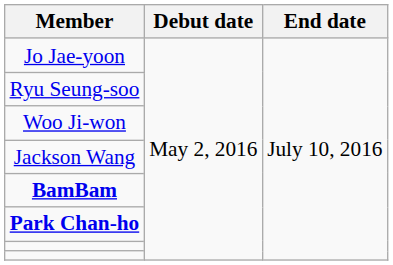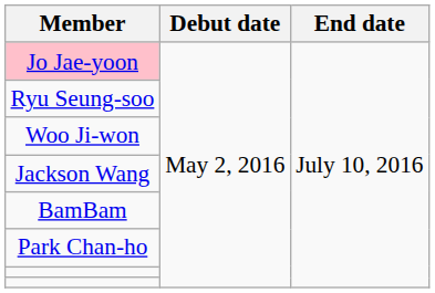 <table class="wikitable" style="text-align:center;">
 <tr>
 <th>Member</th>
 <th>Debut date</th>
 <th>End date</th>
 </tr>
 <tr>
-<td><a href='#'>Jo Jae-yoon</a></td>
+<td style="background: pink;"><a href='#'>Jo Jae-yoon</a></td>
 <td rowspan=8>May 2, 2016</td>
 <td rowspan=8>July 10, 2016</td>
 </tr>
 <tr>
 <td><a href='#'>Ryu Seung-soo</a></td>
 </tr>
 <tr>
 <td><a href='#'>Woo Ji-won</a></td>
 </tr>
 <tr>
 <td><a href='#'>Jackson Wang</a></td>
 </tr>
 <tr>
-<td><strong><a href='#'>BamBam</a></strong></td>
+<td><a href='#'>BamBam</a></td>
 </tr>
 <tr>
-<td><strong><a href='#'>Park Chan-ho</a></strong></td>
+<td><a href='#'>Park Chan-ho</a></td>
 </tr>
 <tr>
 <td></td>
 </tr>
 <tr>
 <td></td>
 </tr>
 </table>
